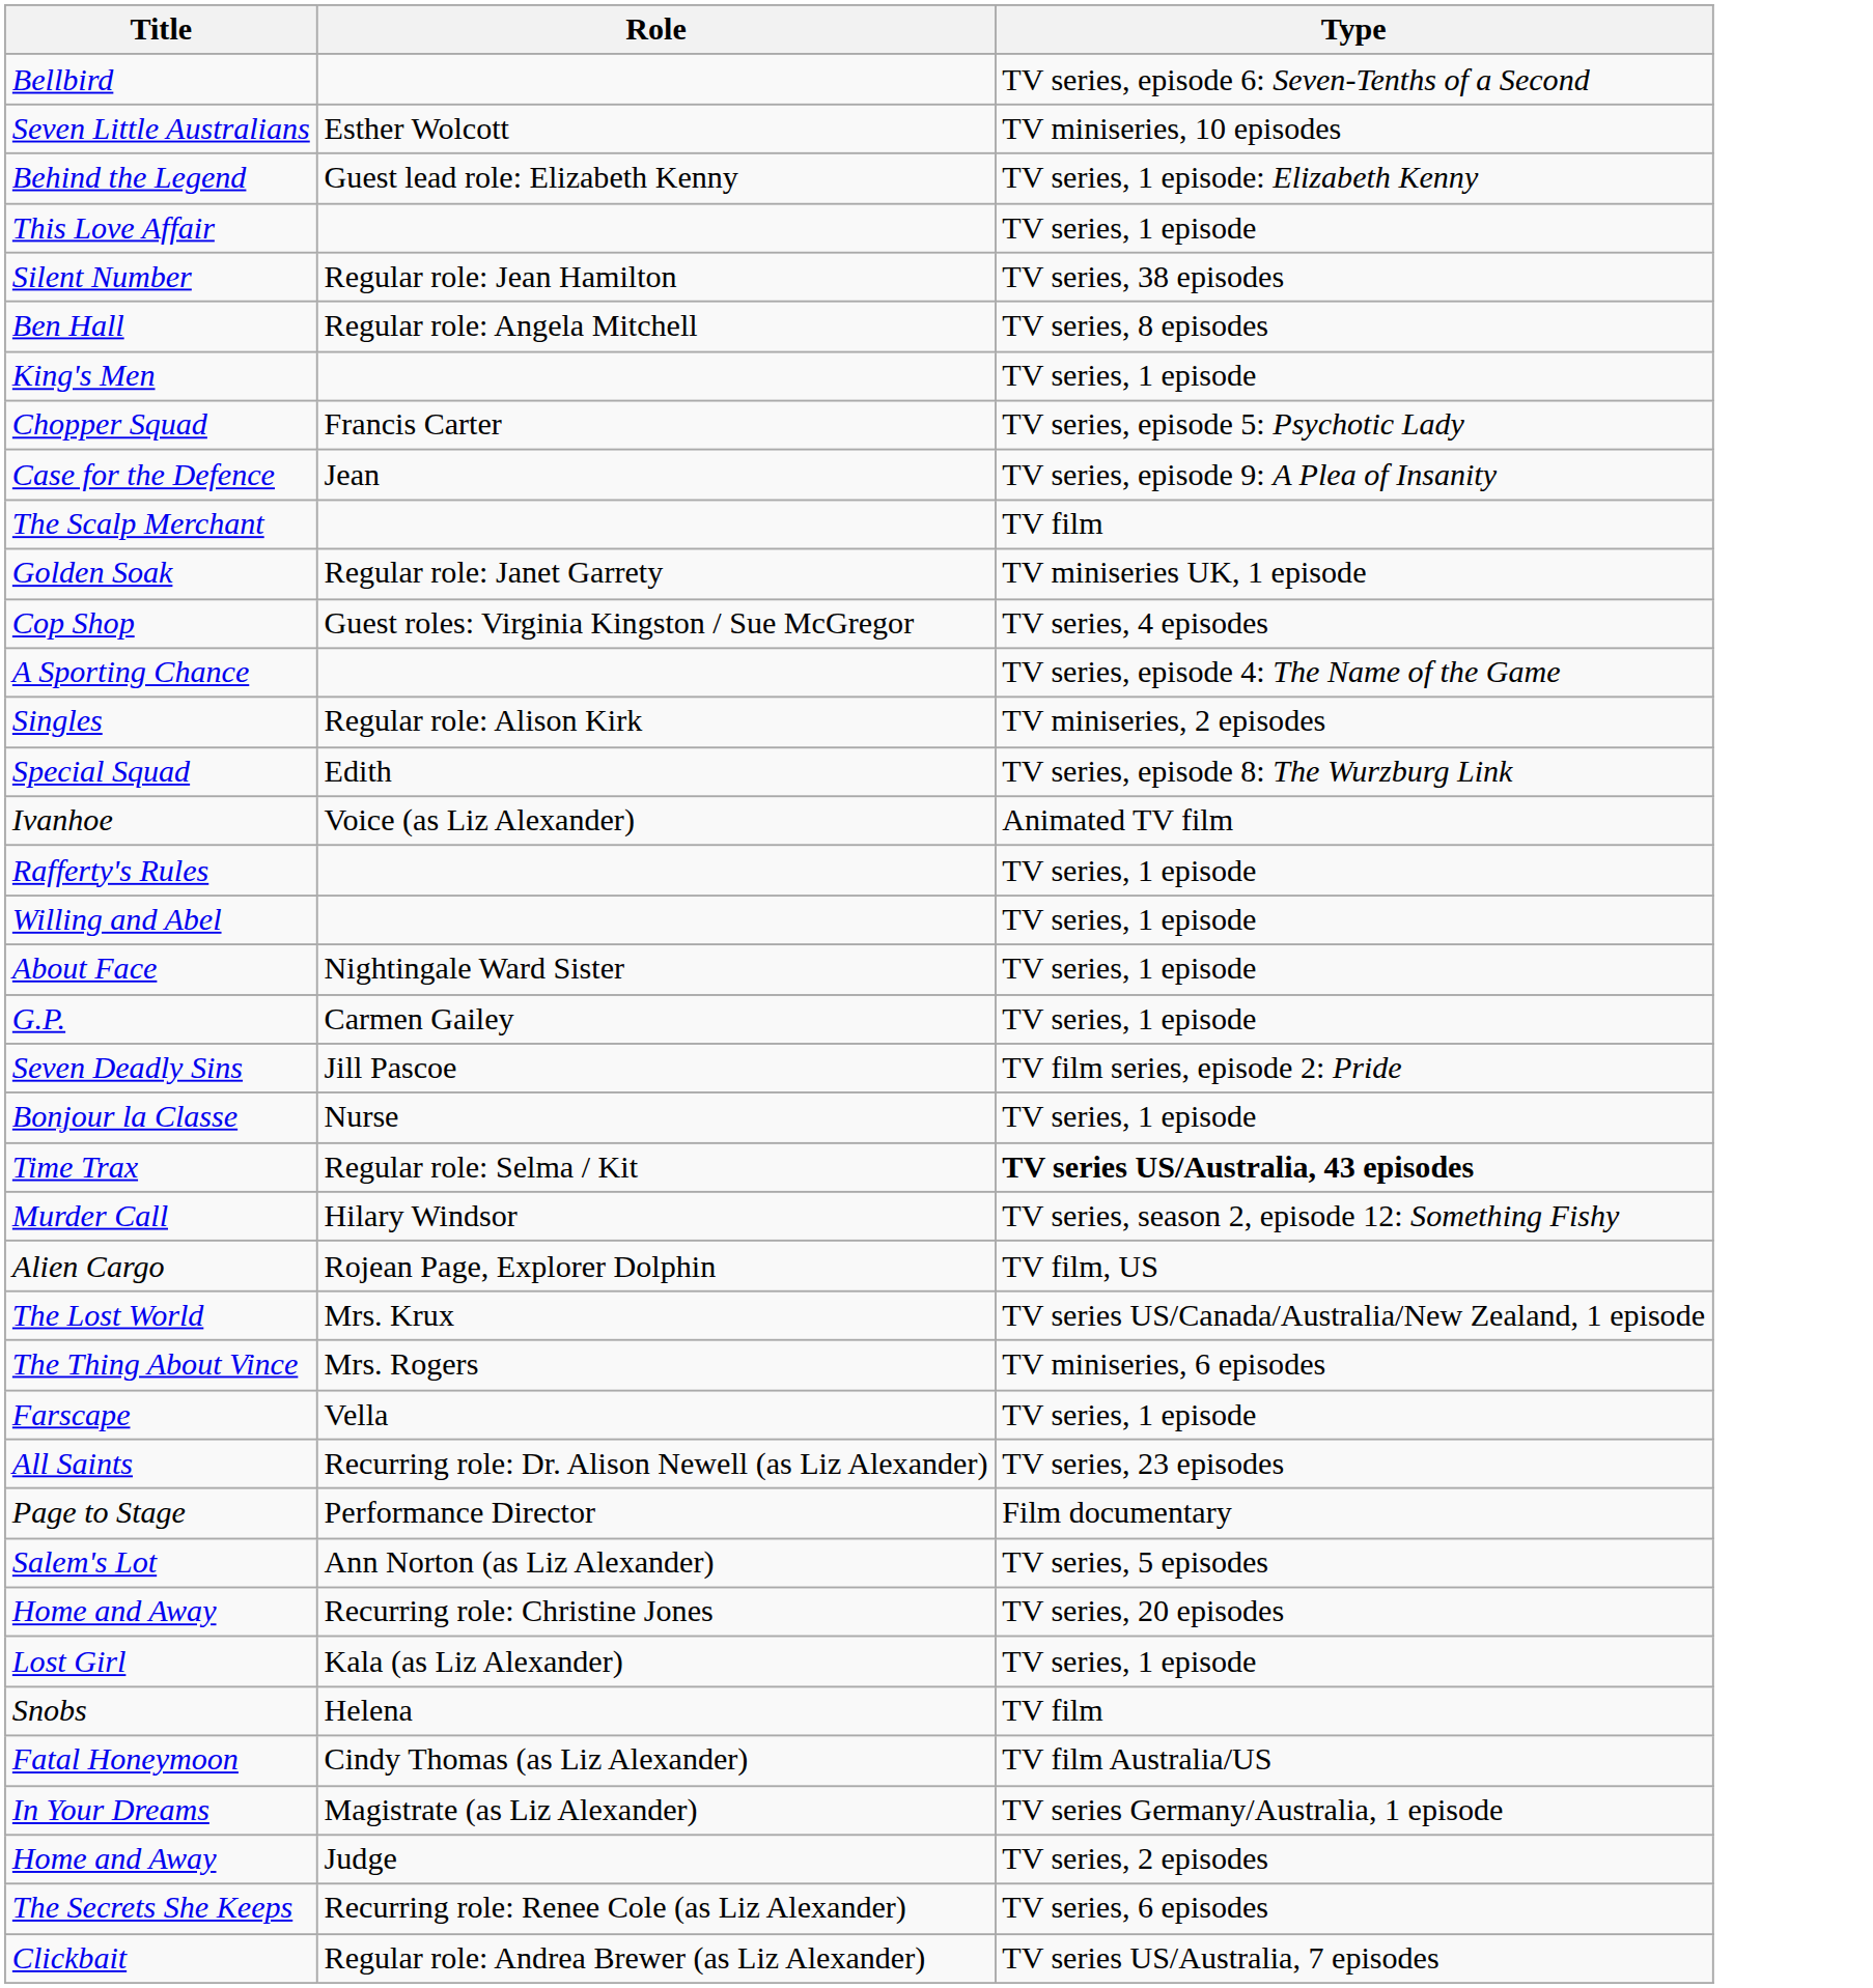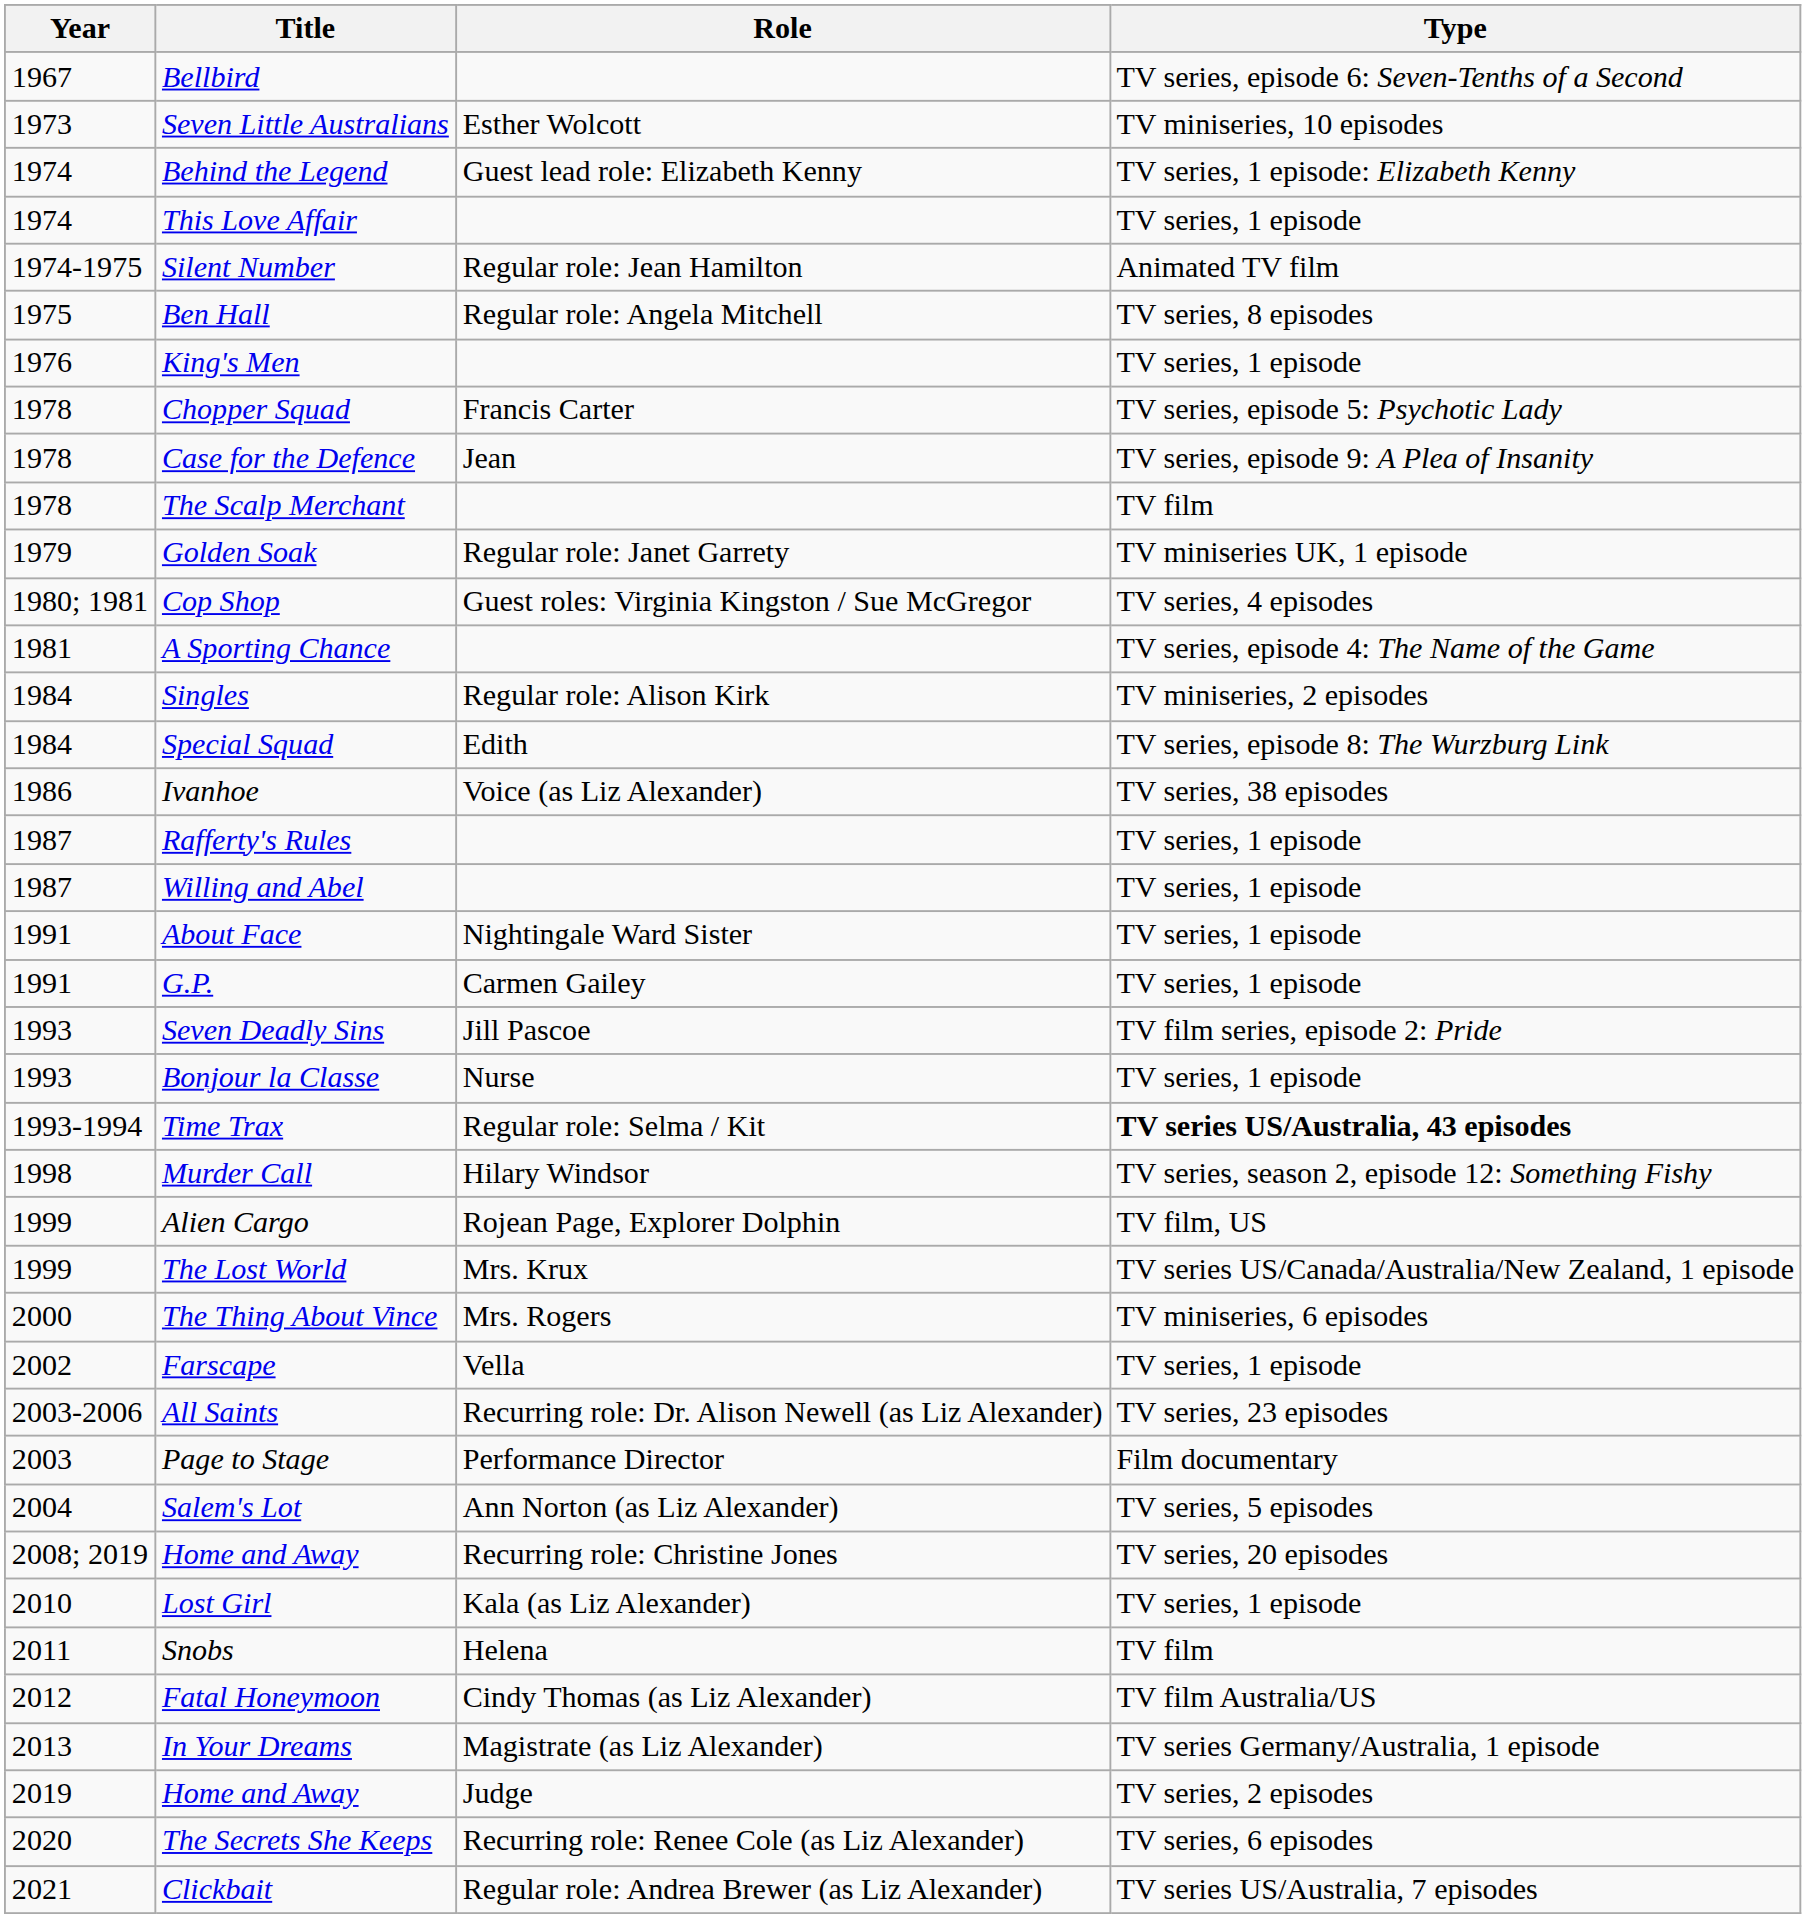 <table class="wikitable">
 <tr>
+<th>Year</th>
 <th>Title</th>
 <th>Role</th>
 <th>Type</th>
 </tr>
 <tr>
+<td>1967</td>
 <td><em><a href='#'>Bellbird</a></em></td>
 <td></td>
 <td>TV series, episode 6: <em>Seven-Tenths of a Second</em></td>
 </tr>
 <tr>
+<td>1973</td>
 <td><em><a href='#'>Seven Little Australians</a></em></td>
 <td>Esther Wolcott</td>
 <td>TV miniseries, 10 episodes</td>
 </tr>
 <tr>
+<td>1974</td>
 <td><em><a href='#'>Behind the Legend</a></em></td>
 <td>Guest lead role: Elizabeth Kenny</td>
 <td>TV series, 1 episode: <em>Elizabeth Kenny</em></td>
 </tr>
 <tr>
+<td>1974</td>
 <td><em><a href='#'>This Love Affair</a></em></td>
 <td></td>
 <td>TV series, 1 episode</td>
 </tr>
 <tr>
+<td>1974-1975</td>
 <td><em><a href='#'>Silent Number</a></em></td>
 <td>Regular role: Jean Hamilton</td>
-<td>TV series, 38 episodes</td>
+<td>Animated TV film</td>
 </tr>
 <tr>
+<td>1975</td>
 <td><em><a href='#'>Ben Hall</a></em></td>
 <td>Regular role: Angela Mitchell</td>
 <td>TV series, 8 episodes</td>
 </tr>
 <tr>
+<td>1976</td>
 <td><em><a href='#'>King's Men</a></em></td>
 <td></td>
 <td>TV series, 1 episode</td>
 </tr>
 <tr>
+<td>1978</td>
 <td><em><a href='#'>Chopper Squad</a></em></td>
 <td>Francis Carter</td>
 <td>TV series, episode 5: <em>Psychotic Lady</em></td>
 </tr>
 <tr>
+<td>1978</td>
 <td><em><a href='#'>Case for the Defence</a></em></td>
 <td>Jean</td>
 <td>TV series, episode 9: <em>A Plea of Insanity</em></td>
 </tr>
 <tr>
+<td>1978</td>
 <td><em><a href='#'>The Scalp Merchant</a></em></td>
 <td></td>
 <td>TV film</td>
 </tr>
 <tr>
+<td>1979</td>
 <td><em><a href='#'>Golden Soak</a></em></td>
 <td>Regular role: Janet Garrety</td>
 <td>TV miniseries UK, 1 episode</td>
 </tr>
 <tr>
+<td>1980; 1981</td>
 <td><em><a href='#'>Cop Shop</a></em></td>
 <td>Guest roles: Virginia Kingston / Sue McGregor</td>
 <td>TV series, 4 episodes</td>
 </tr>
 <tr>
+<td>1981</td>
 <td><em><a href='#'>A Sporting Chance</a></em></td>
 <td></td>
 <td>TV series, episode 4: <em>The Name of the Game</em></td>
 </tr>
 <tr>
+<td>1984</td>
 <td><em><a href='#'>Singles</a></em></td>
 <td>Regular role: Alison Kirk</td>
 <td>TV miniseries, 2 episodes</td>
 </tr>
 <tr>
+<td>1984</td>
 <td><em><a href='#'>Special Squad</a></em></td>
 <td>Edith</td>
 <td>TV series, episode 8: <em>The Wurzburg Link</em></td>
 </tr>
 <tr>
+<td>1986</td>
 <td><em>Ivanhoe</em></td>
 <td>Voice (as Liz Alexander)</td>
-<td>Animated TV film</td>
+<td>TV series, 38 episodes</td>
 </tr>
 <tr>
+<td>1987</td>
 <td><em><a href='#'>Rafferty's Rules</a></em></td>
 <td></td>
 <td>TV series, 1 episode</td>
 </tr>
 <tr>
+<td>1987</td>
 <td><em><a href='#'>Willing and Abel</a></em></td>
 <td></td>
 <td>TV series, 1 episode</td>
 </tr>
 <tr>
+<td>1991</td>
 <td><em><a href='#'>About Face</a></em></td>
 <td>Nightingale Ward Sister</td>
 <td>TV series, 1 episode</td>
 </tr>
 <tr>
+<td>1991</td>
 <td><em><a href='#'>G.P.</a></em></td>
 <td>Carmen Gailey</td>
 <td>TV series, 1 episode</td>
 </tr>
 <tr>
+<td>1993</td>
 <td><em><a href='#'>Seven Deadly Sins</a></em></td>
 <td>Jill Pascoe</td>
 <td>TV film series, episode 2: <em>Pride</em></td>
 </tr>
 <tr>
+<td>1993</td>
 <td><em><a href='#'>Bonjour la Classe</a></em></td>
 <td>Nurse</td>
 <td>TV series, 1 episode</td>
 </tr>
 <tr>
+<td>1993-1994</td>
 <td><em><a href='#'>Time Trax</a></em></td>
 <td>Regular role: Selma / Kit</td>
 <td><strong>TV series US/Australia, 43 episodes</strong></td>
 </tr>
 <tr>
+<td>1998</td>
 <td><em><a href='#'>Murder Call</a></em></td>
 <td>Hilary Windsor</td>
 <td>TV series, season 2, episode 12: <em>Something Fishy</em></td>
 </tr>
 <tr>
+<td>1999</td>
 <td><em>Alien Cargo</em></td>
 <td>Rojean Page, Explorer Dolphin</td>
 <td>TV film, US</td>
 </tr>
 <tr>
+<td>1999</td>
 <td><em><a href='#'>The Lost World</a></em></td>
 <td>Mrs. Krux</td>
 <td>TV series US/Canada/Australia/New Zealand, 1 episode</td>
 </tr>
 <tr>
+<td>2000</td>
 <td><em><a href='#'>The Thing About Vince</a></em></td>
 <td>Mrs. Rogers</td>
 <td>TV miniseries, 6 episodes</td>
 </tr>
 <tr>
+<td>2002</td>
 <td><em><a href='#'>Farscape</a></em></td>
 <td>Vella</td>
 <td>TV series, 1 episode</td>
 </tr>
 <tr>
+<td>2003-2006</td>
 <td><em><a href='#'>All Saints</a></em></td>
 <td>Recurring role: Dr. Alison Newell (as Liz Alexander)</td>
 <td>TV series, 23 episodes</td>
 </tr>
 <tr>
+<td>2003</td>
 <td><em>Page to Stage</em></td>
 <td>Performance Director</td>
 <td>Film documentary</td>
 </tr>
 <tr>
+<td>2004</td>
 <td><em><a href='#'>Salem's Lot</a></em></td>
 <td>Ann Norton (as Liz Alexander)</td>
 <td>TV series, 5 episodes</td>
 </tr>
 <tr>
+<td>2008; 2019</td>
 <td><em><a href='#'>Home and Away</a></em></td>
 <td>Recurring role: Christine Jones</td>
 <td>TV series, 20 episodes</td>
 </tr>
 <tr>
+<td>2010</td>
 <td><em><a href='#'>Lost Girl</a></em></td>
 <td>Kala (as Liz Alexander)</td>
 <td>TV series, 1 episode</td>
 </tr>
 <tr>
+<td>2011</td>
 <td><em>Snobs</em></td>
 <td>Helena</td>
 <td>TV film</td>
 </tr>
 <tr>
+<td>2012</td>
 <td><em><a href='#'>Fatal Honeymoon</a></em></td>
 <td>Cindy Thomas (as Liz Alexander)</td>
 <td>TV film Australia/US</td>
 </tr>
 <tr>
+<td>2013</td>
 <td><em><a href='#'>In Your Dreams</a></em></td>
 <td>Magistrate (as Liz Alexander)</td>
 <td>TV series Germany/Australia, 1 episode</td>
 </tr>
 <tr>
+<td>2019</td>
 <td><em><a href='#'>Home and Away</a></em></td>
 <td>Judge</td>
 <td>TV series, 2 episodes</td>
 </tr>
 <tr>
+<td>2020</td>
 <td><em><a href='#'>The Secrets She Keeps</a></em></td>
 <td>Recurring role: Renee Cole (as Liz Alexander)</td>
 <td>TV series, 6 episodes</td>
 </tr>
 <tr>
+<td>2021</td>
 <td><em><a href='#'>Clickbait</a></em></td>
 <td>Regular role: Andrea Brewer (as Liz Alexander)</td>
 <td>TV series US/Australia, 7 episodes</td>
 </tr>
 </table>
